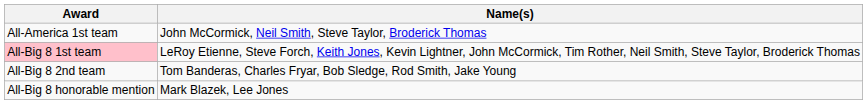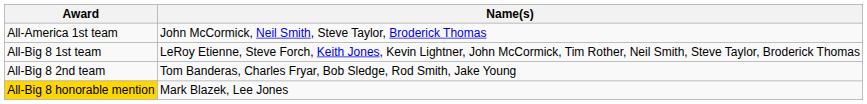 <table class="wikitable">
 <tr>
 <th>Award</th>
 <th>Name(s)</th>
 </tr>
 <tr>
 <td>All-America 1st team</td>
 <td>John McCormick, <a href='#'>Neil Smith</a>, Steve Taylor, <a href='#'>Broderick Thomas</a></td>
 </tr>
 <tr>
-<td style="background: pink;">All-Big 8 1st team</td>
+<td>All-Big 8 1st team</td>
 <td>LeRoy Etienne, Steve Forch, <a href='#'>Keith Jones</a>, Kevin Lightner, John McCormick, Tim Rother, Neil Smith, Steve Taylor, Broderick Thomas</td>
 </tr>
 <tr>
 <td>All-Big 8 2nd team</td>
 <td>Tom Banderas, Charles Fryar, Bob Sledge, Rod Smith, Jake Young</td>
 </tr>
 <tr>
-<td>All-Big 8 honorable mention</td>
+<td style="background: gold;">All-Big 8 honorable mention</td>
 <td>Mark Blazek, Lee Jones</td>
 </tr>
 </table>
